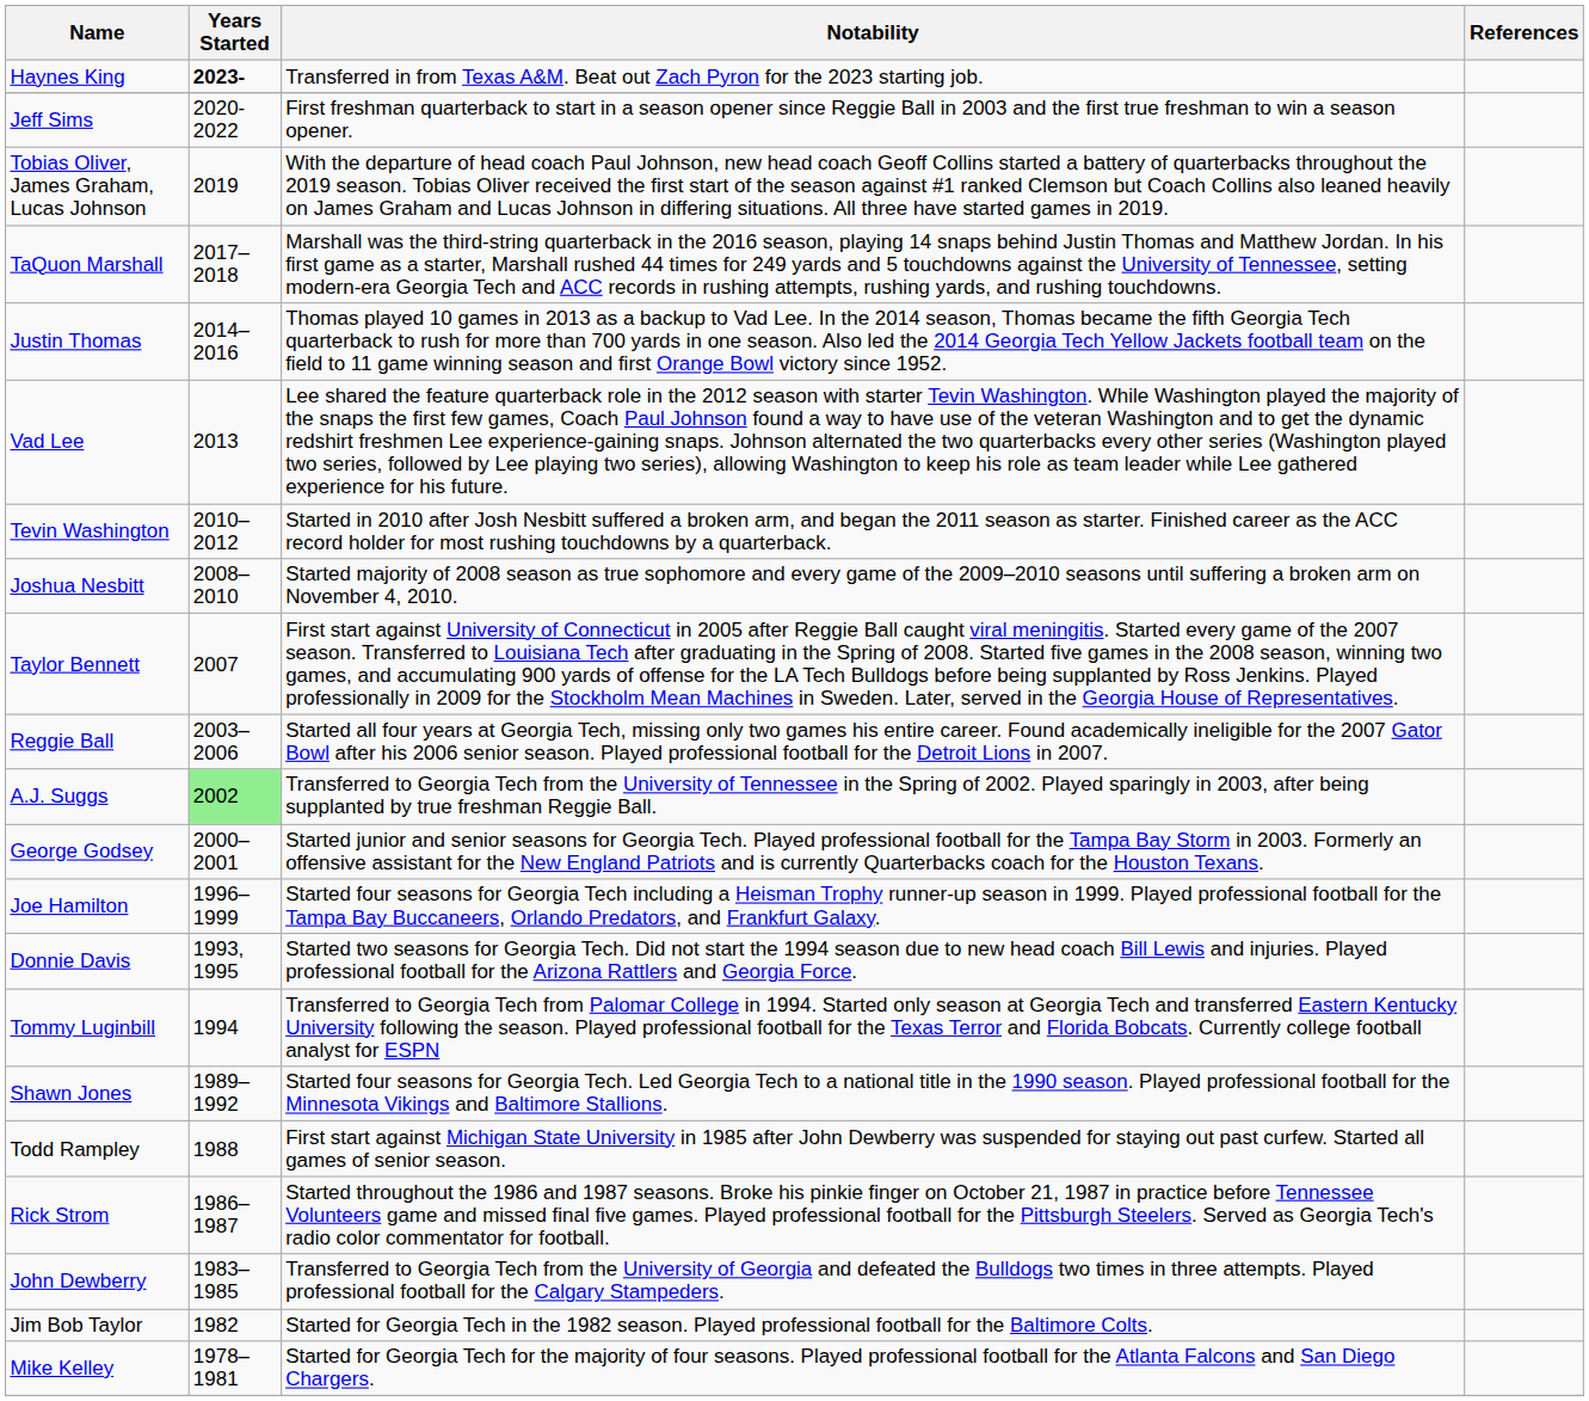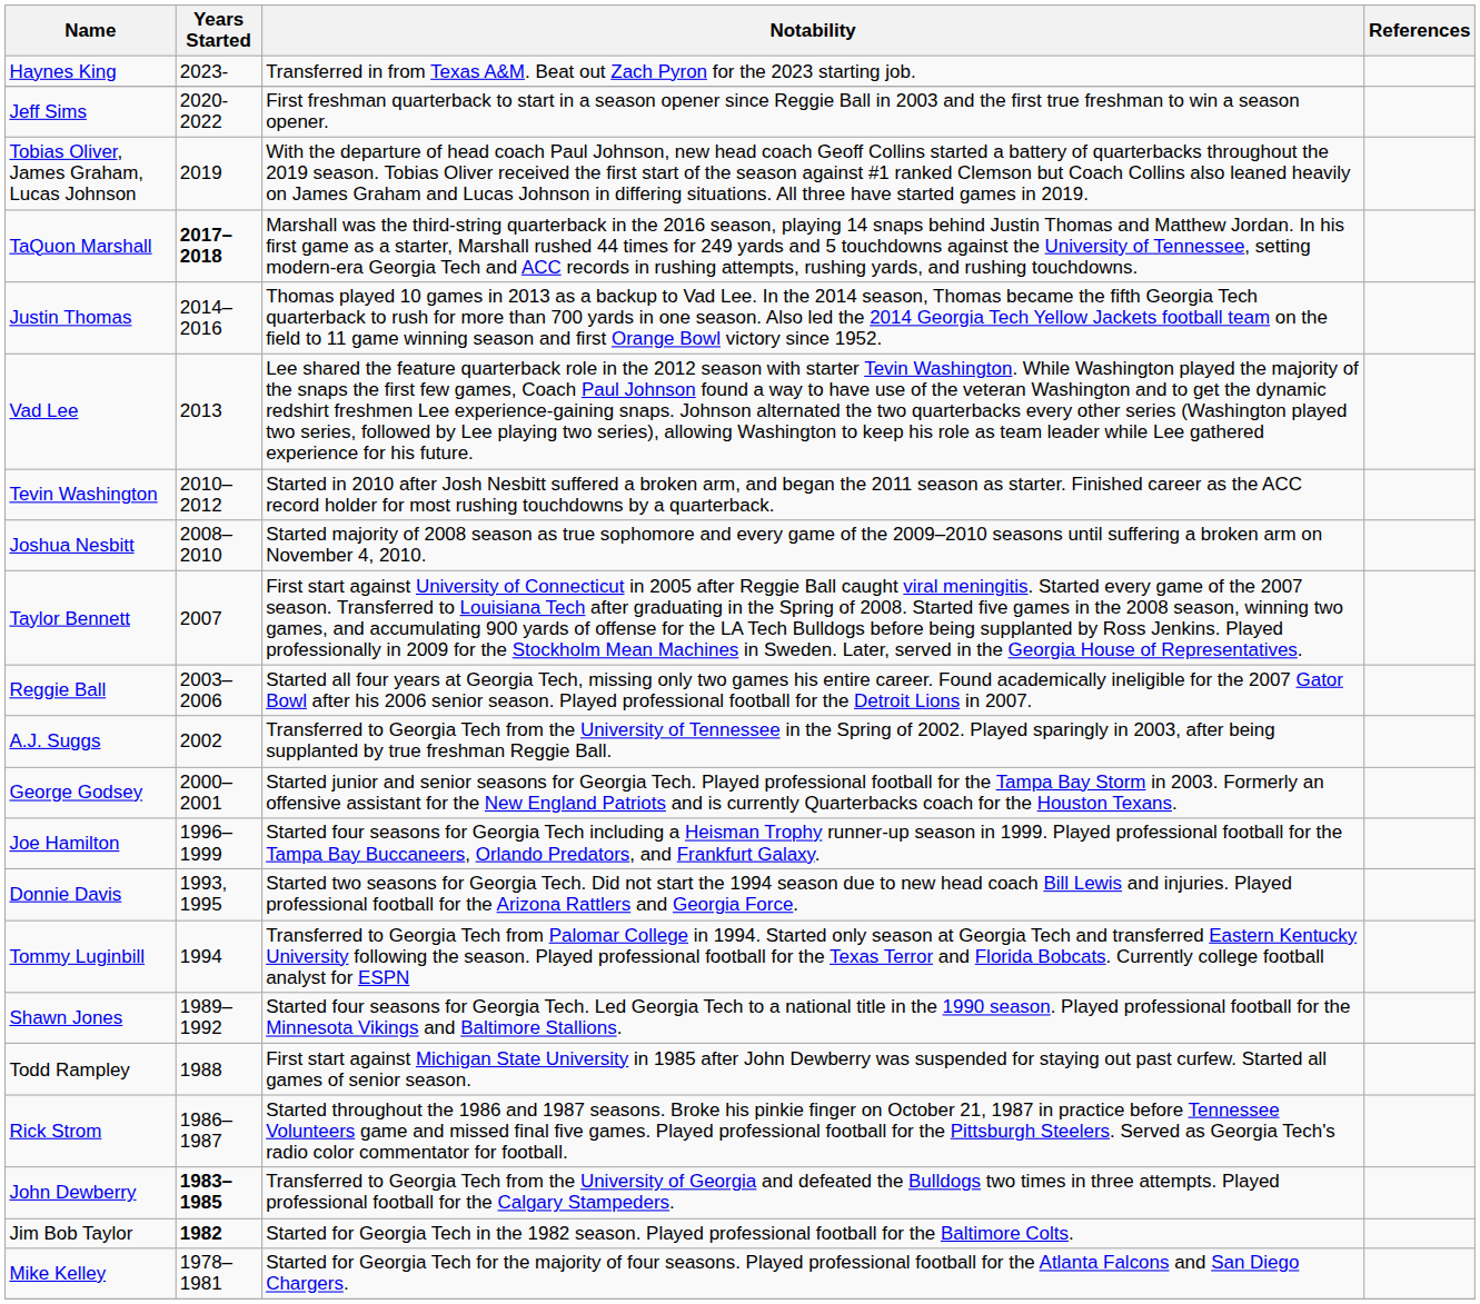 <table class="wikitable sortable" style="text-align:left;">
 <tr>
 <th>Name</th>
 <th>Years Started</th>
 <th>Notability</th>
 <th>References</th>
 </tr>
 <tr>
 <td><a href='#'>Haynes King</a></td>
-<td><strong>2023-</strong></td>
+<td>2023-</td>
 <td>Transferred in from <a href='#'>Texas A&M</a>. Beat out <a href='#'>Zach Pyron</a> for the 2023 starting job.</td>
 </tr>
 <tr>
 </tr>
 <tr>
 <td><a href='#'>Jeff Sims</a></td>
 <td>2020-2022</td>
 <td>First freshman quarterback to start in a season opener since Reggie Ball in 2003 and the first true freshman to win a season opener.</td>
 <td></td>
 </tr>
 <tr>
 <td><a href='#'>Tobias Oliver</a>, James Graham, Lucas Johnson</td>
 <td>2019</td>
 <td>With the departure of head coach Paul Johnson, new head coach Geoff Collins started a battery of quarterbacks throughout the 2019 season. Tobias Oliver received the first start of the season against #1 ranked Clemson but Coach Collins also leaned heavily on James Graham and Lucas Johnson in differing situations. All three have started games in 2019.</td>
 <td></td>
 </tr>
 <tr>
 <td><a href='#'>TaQuon Marshall</a></td>
-<td>2017–2018</td>
+<td><strong>2017–2018</strong></td>
 <td>Marshall was the third-string quarterback in the 2016 season, playing 14 snaps behind Justin Thomas and Matthew Jordan. In his first game as a starter, Marshall rushed 44 times for 249 yards and 5 touchdowns against the <a href='#'>University of Tennessee</a>, setting modern-era Georgia Tech and <a href='#'>ACC</a> records in rushing attempts, rushing yards, and rushing touchdowns.</td>
 <td></td>
 </tr>
 <tr>
 <td><a href='#'>Justin Thomas</a></td>
 <td>2014–2016</td>
 <td>Thomas played 10 games in 2013 as a backup to Vad Lee. In the 2014 season, Thomas became the fifth Georgia Tech quarterback to rush for more than 700 yards in one season. Also led the <a href='#'>2014 Georgia Tech Yellow Jackets football team</a> on the field to 11 game winning season and first <a href='#'>Orange Bowl</a> victory since 1952.</td>
 <td></td>
 </tr>
 <tr>
 <td><a href='#'>Vad Lee</a></td>
 <td>2013</td>
 <td>Lee shared the feature quarterback role in the 2012 season with starter <a href='#'>Tevin Washington</a>. While Washington played the majority of the snaps the first few games, Coach <a href='#'>Paul Johnson</a> found a way to have use of the veteran Washington and to get the dynamic redshirt freshmen Lee experience-gaining snaps. Johnson alternated the two quarterbacks every other series (Washington played two series, followed by Lee playing two series), allowing Washington to keep his role as team leader while Lee gathered experience for his future.</td>
 <td></td>
 </tr>
 <tr>
 <td><a href='#'>Tevin Washington</a></td>
 <td>2010–2012</td>
 <td>Started in 2010 after Josh Nesbitt suffered a broken arm, and began the 2011 season as starter. Finished career as the ACC record holder for most rushing touchdowns by a quarterback.</td>
 <td></td>
 </tr>
 <tr>
 <td><a href='#'>Joshua Nesbitt</a></td>
 <td>2008–2010</td>
 <td>Started majority of 2008 season as true sophomore and every game of the 2009–2010 seasons until suffering a broken arm on November 4, 2010.</td>
 <td></td>
 </tr>
 <tr>
 <td><a href='#'>Taylor Bennett</a></td>
 <td>2007</td>
 <td>First start against <a href='#'>University of Connecticut</a> in 2005 after Reggie Ball caught <a href='#'>viral meningitis</a>.  Started every game of the 2007 season. Transferred to <a href='#'>Louisiana Tech</a> after graduating in the Spring of 2008.  Started five games in the 2008 season, winning two games, and accumulating 900 yards of offense for the LA Tech Bulldogs before being supplanted by Ross Jenkins. Played professionally in 2009 for the <a href='#'>Stockholm Mean Machines</a> in Sweden. Later, served in the <a href='#'>Georgia House of Representatives</a>.</td>
 <td></td>
 </tr>
 <tr>
 <td><a href='#'>Reggie Ball</a></td>
 <td>2003–2006</td>
 <td>Started all four years at Georgia Tech, missing only two games his entire career.  Found academically ineligible for the 2007 <a href='#'>Gator Bowl</a> after his 2006 senior season.  Played professional football for the <a href='#'>Detroit Lions</a> in 2007.</td>
 <td></td>
 </tr>
 <tr>
 <td><a href='#'>A.J. Suggs</a></td>
-<td style="background: lightgreen;">2002</td>
+<td>2002</td>
 <td>Transferred to Georgia Tech from the <a href='#'>University of Tennessee</a> in the Spring of 2002.  Played sparingly in 2003, after being supplanted by true freshman Reggie Ball.</td>
 <td></td>
 </tr>
 <tr>
 <td><a href='#'>George Godsey</a></td>
 <td>2000–2001</td>
 <td>Started junior and senior seasons for Georgia Tech.  Played professional football for the <a href='#'>Tampa Bay Storm</a> in 2003.  Formerly an offensive assistant for the <a href='#'>New England Patriots</a> and is currently Quarterbacks coach for the <a href='#'>Houston Texans</a>.</td>
 <td></td>
 </tr>
 <tr>
 <td><a href='#'>Joe Hamilton</a></td>
 <td>1996–1999</td>
 <td>Started four seasons for Georgia Tech including a <a href='#'>Heisman Trophy</a> runner-up season in 1999.  Played professional football for the <a href='#'>Tampa Bay Buccaneers</a>, <a href='#'>Orlando Predators</a>, and <a href='#'>Frankfurt Galaxy</a>.</td>
 <td></td>
 </tr>
 <tr>
 <td><a href='#'>Donnie Davis</a></td>
 <td>1993, 1995</td>
 <td>Started two seasons for Georgia Tech.  Did not start the 1994 season due to new head coach <a href='#'>Bill Lewis</a> and injuries.  Played professional football for the <a href='#'>Arizona Rattlers</a> and <a href='#'>Georgia Force</a>.</td>
 <td></td>
 </tr>
 <tr>
 <td><a href='#'>Tommy Luginbill</a></td>
 <td>1994</td>
 <td>Transferred to Georgia Tech from <a href='#'>Palomar College</a> in 1994.  Started only season at Georgia Tech and transferred <a href='#'>Eastern Kentucky University</a> following the season.  Played professional football for the <a href='#'>Texas Terror</a> and <a href='#'>Florida Bobcats</a>.  Currently college football analyst for <a href='#'>ESPN</a></td>
 <td></td>
 </tr>
 <tr>
 <td><a href='#'>Shawn Jones</a></td>
 <td>1989–1992</td>
 <td>Started four seasons for Georgia Tech.  Led Georgia Tech to a national title in the <a href='#'>1990 season</a>.  Played professional football for the <a href='#'>Minnesota Vikings</a> and <a href='#'>Baltimore Stallions</a>.</td>
 <td></td>
 </tr>
 <tr>
 <td>Todd Rampley</td>
 <td>1988</td>
 <td>First start against <a href='#'>Michigan State University</a> in 1985 after John Dewberry was suspended for staying out past curfew.  Started all games of senior season.</td>
 <td></td>
 </tr>
 <tr>
 <td><a href='#'>Rick Strom</a></td>
 <td>1986–1987</td>
 <td>Started throughout the 1986 and 1987 seasons.  Broke his pinkie finger on October 21, 1987 in practice before <a href='#'>Tennessee Volunteers</a> game and missed final five games.  Played professional football for the <a href='#'>Pittsburgh Steelers</a>.  Served as Georgia Tech's radio color commentator for football.</td>
 <td></td>
 </tr>
 <tr>
 <td><a href='#'>John Dewberry</a></td>
-<td>1983–1985</td>
+<td><strong>1983–1985</strong></td>
 <td>Transferred to Georgia Tech from the <a href='#'>University of Georgia</a> and defeated the <a href='#'>Bulldogs</a> two times in three attempts.  Played professional football for the <a href='#'>Calgary Stampeders</a>.</td>
 <td></td>
 </tr>
 <tr>
 <td>Jim Bob Taylor</td>
-<td>1982</td>
+<td><strong>1982</strong></td>
 <td>Started for Georgia Tech in the 1982 season.  Played professional football for the <a href='#'>Baltimore Colts</a>.</td>
 <td></td>
 </tr>
 <tr>
 <td><a href='#'>Mike Kelley</a></td>
 <td>1978–1981</td>
 <td>Started for Georgia Tech for the majority of four seasons.  Played professional football for the <a href='#'>Atlanta Falcons</a> and <a href='#'>San Diego Chargers</a>.</td>
 <td></td>
 </tr>
 <tr>
 </tr>
 </table>
